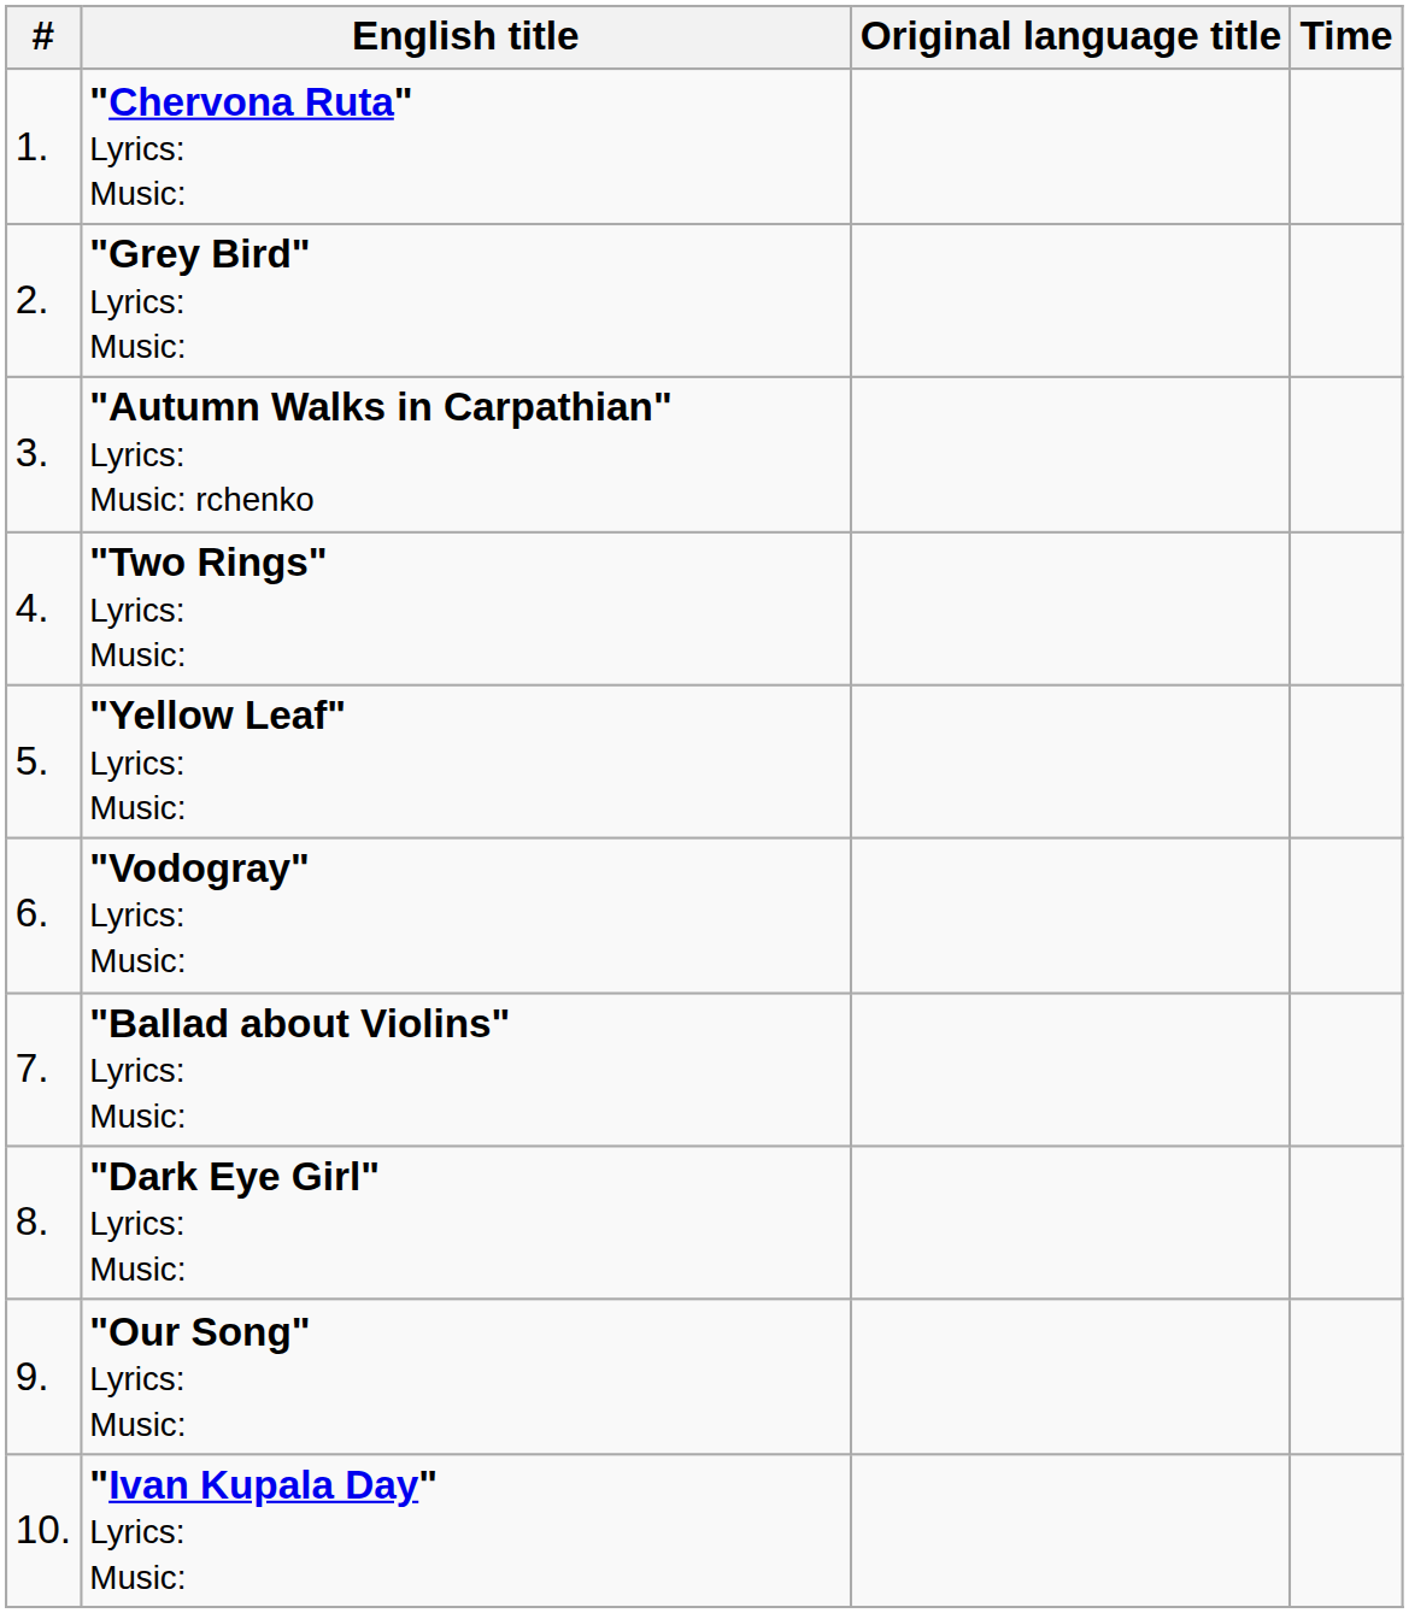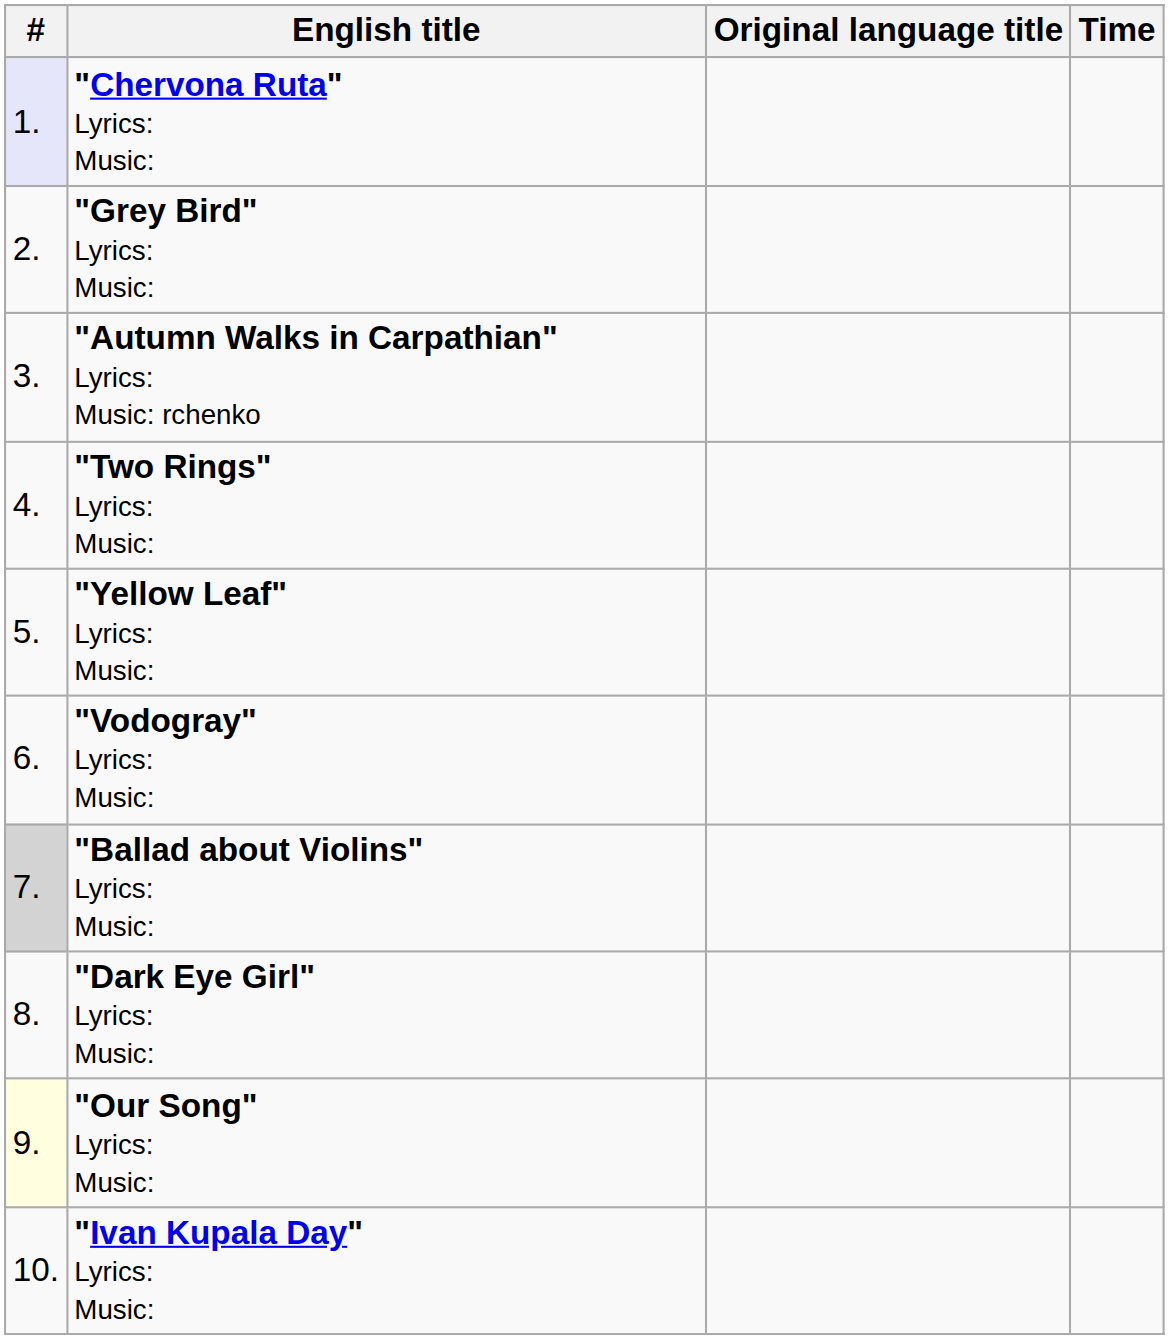 <table class="wikitable">
 <tr>
 <th>#</th>
 <th width="300">English title</th>
 <th>Original language title</th>
 <th>Time</th>
 </tr>
 <tr>
-<td>1.</td>
+<td style="background: lavender;">1.</td>
 <td><strong>"<a href='#'>Chervona Ruta</a>"</strong><br><small>Lyrics:</small> <br><small>Music:</small></td>
 <td></td>
 <td></td>
 </tr>
 <tr>
 <td>2.</td>
 <td><strong>"Grey Bird"</strong><br><small>Lyrics:</small> <br><small>Music:</small></td>
 <td></td>
 <td></td>
 </tr>
 <tr>
 <td>3.</td>
 <td><strong>"Autumn Walks in Carpathian"</strong><br><small>Lyrics:</small> <br><small>Music: rchenko</small></td>
 <td></td>
 <td></td>
 </tr>
 <tr>
 <td>4.</td>
 <td><strong>"Two Rings"</strong><br><small>Lyrics:</small> <br><small>Music:</small></td>
 <td></td>
 <td></td>
 </tr>
 <tr>
 <td>5.</td>
 <td><strong>"Yellow Leaf"</strong><br><small>Lyrics:</small><br><small>Music:</small></td>
 <td></td>
 <td></td>
 </tr>
 <tr>
 <td>6.</td>
 <td><strong>"Vodogray"</strong><br><small>Lyrics:</small> <br><small>Music:</small></td>
 <td></td>
 <td></td>
 </tr>
 <tr>
-<td>7.</td>
+<td style="background: lightgrey;">7.</td>
 <td><strong>"Ballad about Violins"</strong><br><small>Lyrics:</small> <br><small>Music:</small></td>
 <td></td>
 <td></td>
 </tr>
 <tr>
 <td>8.</td>
 <td><strong>"Dark Eye Girl"</strong><br><small>Lyrics:</small> <br><small>Music:</small></td>
 <td></td>
 <td></td>
 </tr>
 <tr>
-<td>9.</td>
+<td style="background: lightyellow;">9.</td>
 <td><strong>"Our Song"</strong><br><small>Lyrics:</small> <br><small>Music:</small></td>
 <td></td>
 <td></td>
 </tr>
 <tr>
 <td>10.</td>
 <td><strong>"<a href='#'>Ivan Kupala Day</a>"</strong><br><small>Lyrics:</small> <br><small>Music:</small></td>
 <td></td>
 <td></td>
 </tr>
 <tr>
 </tr>
 </table>
